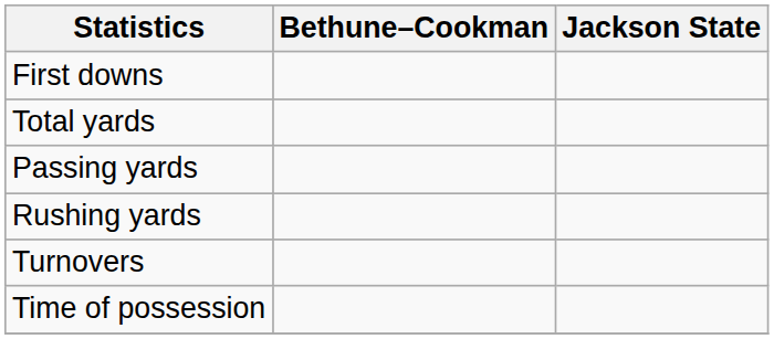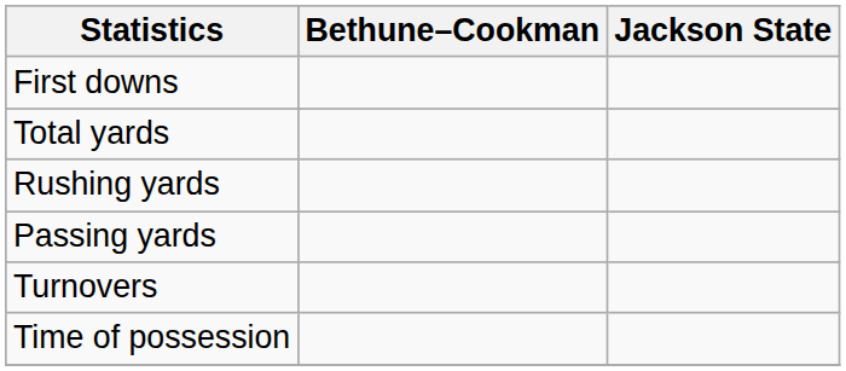 <table class="wikitable">
 <tr>
 <th>Statistics</th>
 <th>Bethune–Cookman</th>
 <th>Jackson State</th>
 </tr>
 <tr>
 <td>First downs</td>
 <td></td>
 <td> </td>
 </tr>
 <tr>
 <td>Total yards</td>
 <td></td>
 <td> </td>
 </tr>
 <tr>
-<td>Passing yards</td>
+<td>Rushing yards</td>
 <td></td>
 <td> </td>
 </tr>
 <tr>
-<td>Rushing yards</td>
+<td>Passing yards</td>
 <td></td>
 <td> </td>
 </tr>
 <tr>
 <td>Turnovers</td>
 <td></td>
 <td> </td>
 </tr>
 <tr>
 <td>Time of possession</td>
 <td></td>
 <td> </td>
 </tr>
 <tr>
 </tr>
 </table>
